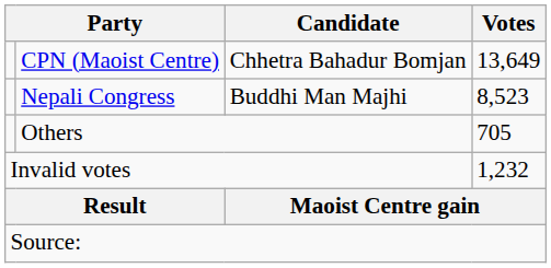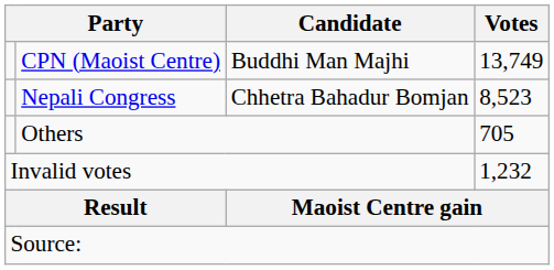 <table class="wikitable">
 <tr>
 <th colspan="2">Party</th>
 <th>Candidate</th>
 <th>Votes</th>
 </tr>
 <tr>
 <td style="background-color:"></td>
 <td><a href='#'>CPN (Maoist Centre)</a></td>
-<td>Chhetra Bahadur Bomjan</td>
-<td>13,649</td>
+<td>Buddhi Man Majhi</td>
+<td>13,749</td>
 </tr>
 <tr>
 <td style="background-color:"></td>
 <td><a href='#'>Nepali Congress</a></td>
-<td>Buddhi Man Majhi</td>
+<td>Chhetra Bahadur Bomjan</td>
 <td>8,523</td>
 </tr>
 <tr>
 <td></td>
 <td colspan="2">Others</td>
 <td>705</td>
 </tr>
 <tr>
 <td colspan="3">Invalid votes</td>
 <td>1,232</td>
 </tr>
 <tr>
 <th colspan="2">Result</th>
 <th colspan="2">Maoist Centre gain</th>
 </tr>
 <tr>
 <td colspan="4">Source: </td>
 </tr>
 </table>
